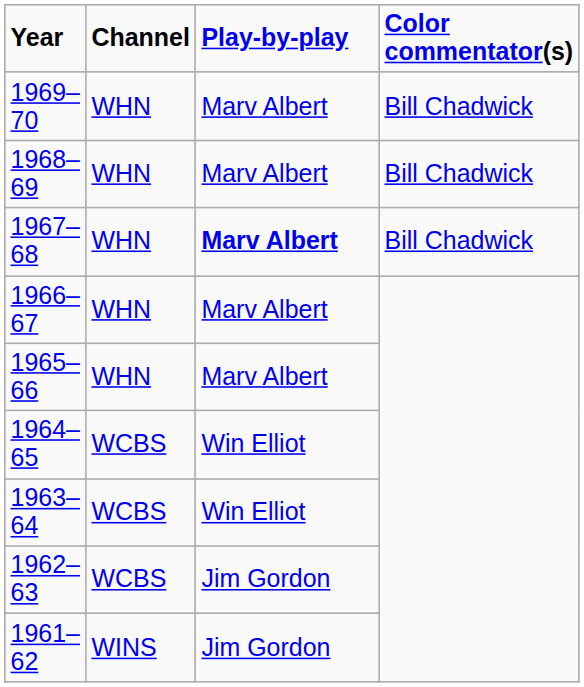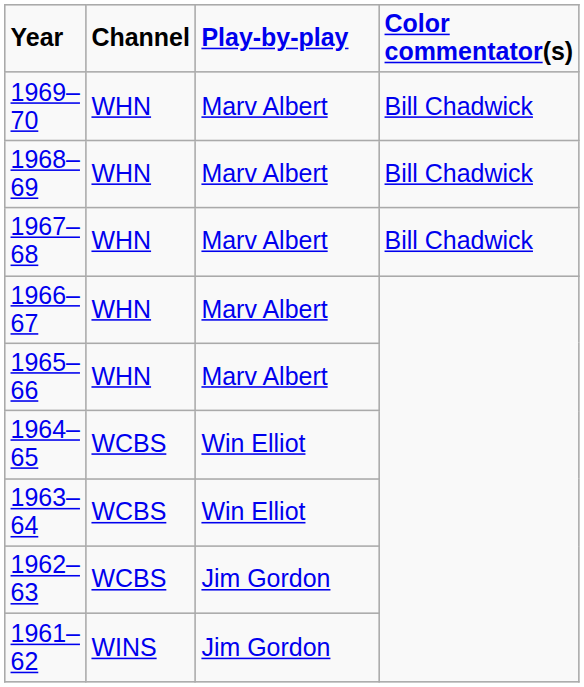 <table class="wikitable">
 <tr>
 <td width="40"><strong>Year</strong></td>
 <td width="40"><strong>Channel</strong></td>
 <td width="110"><strong><a href='#'>Play-by-play</a></strong></td>
 <td width="110"><strong><a href='#'>Color commentator</a>(s)</strong></td>
 </tr>
 <tr>
 <td><a href='#'>1969–70</a></td>
 <td><a href='#'>WHN</a></td>
 <td><a href='#'>Marv Albert</a></td>
 <td><a href='#'>Bill Chadwick</a></td>
 </tr>
 <tr>
 <td><a href='#'>1968–69</a></td>
 <td><a href='#'>WHN</a></td>
 <td><a href='#'>Marv Albert</a></td>
 <td><a href='#'>Bill Chadwick</a></td>
 </tr>
 <tr>
 <td><a href='#'>1967–68</a></td>
 <td><a href='#'>WHN</a></td>
-<td><strong><a href='#'>Marv Albert</a></strong></td>
+<td><a href='#'>Marv Albert</a></td>
 <td><a href='#'>Bill Chadwick</a></td>
 </tr>
 <tr>
 <td><a href='#'>1966–67</a></td>
 <td><a href='#'>WHN</a></td>
 <td><a href='#'>Marv Albert</a></td>
 </tr>
 <tr>
 <td><a href='#'>1965–66</a></td>
 <td><a href='#'>WHN</a></td>
 <td><a href='#'>Marv Albert</a></td>
 </tr>
 <tr>
 <td><a href='#'>1964–65</a></td>
 <td><a href='#'>WCBS</a></td>
 <td><a href='#'>Win Elliot</a></td>
 </tr>
 <tr>
 <td><a href='#'>1963–64</a></td>
 <td><a href='#'>WCBS</a></td>
 <td><a href='#'>Win Elliot</a></td>
 </tr>
 <tr>
 <td><a href='#'>1962–63</a></td>
 <td><a href='#'>WCBS</a></td>
 <td><a href='#'>Jim Gordon</a></td>
 </tr>
 <tr>
 <td><a href='#'>1961–62</a></td>
 <td><a href='#'>WINS</a></td>
 <td><a href='#'>Jim Gordon</a></td>
 </tr>
 </table>
